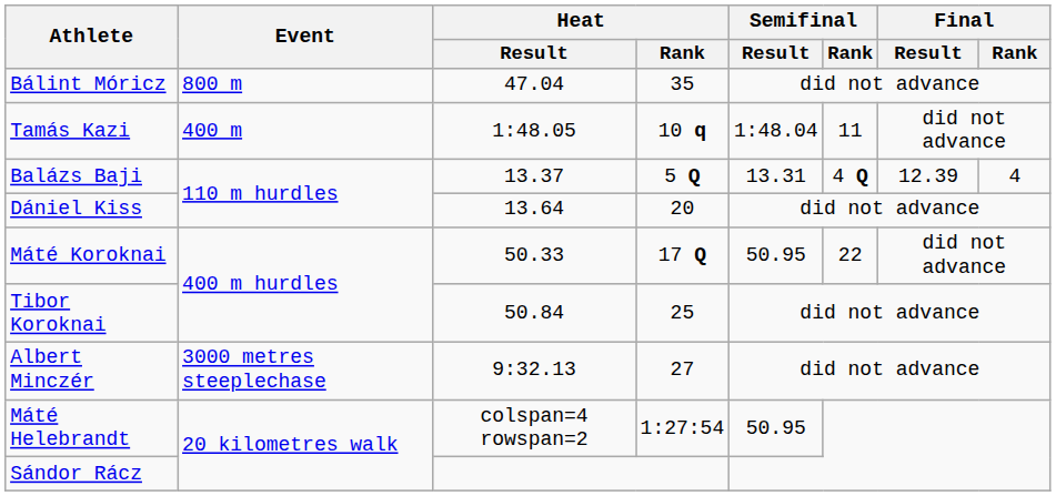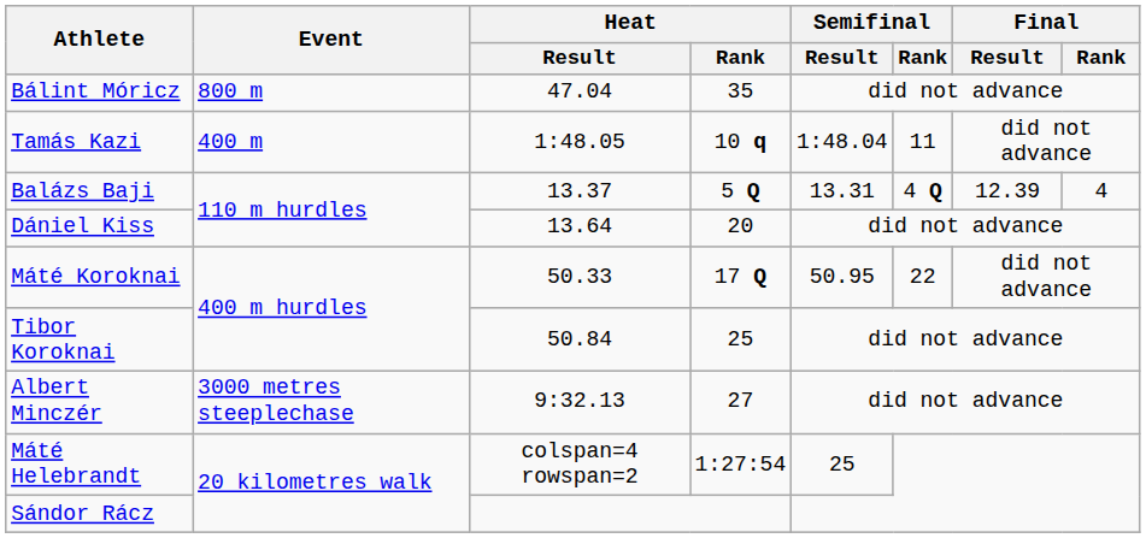 <table class="wikitable" style="font-size:90%">
 <tr>
 <th rowspan=2>Athlete</th>
 <th rowspan=2>Event</th>
 <th colspan=2>Heat</th>
 <th colspan=2>Semifinal</th>
 <th colspan=2>Final</th>
 </tr>
 <tr style="font-size:95%">
 <th>Result</th>
 <th>Rank</th>
 <th>Result</th>
 <th>Rank</th>
 <th>Result</th>
 <th>Rank</th>
 </tr>
 <tr align=center>
 <td align=left><a href='#'>Bálint Móricz</a></td>
 <td style="text-align:left;"><a href='#'>800 m</a></td>
 <td>47.04</td>
 <td>35</td>
 <td colspan=4>did not advance</td>
 </tr>
 <tr align=center>
 <td align=left><a href='#'>Tamás Kazi</a></td>
 <td style="text-align:left;"><a href='#'>400 m</a></td>
 <td>1:48.05</td>
 <td>10 <strong>q</strong></td>
 <td>1:48.04</td>
 <td>11</td>
 <td colspan=2>did not advance</td>
 </tr>
 <tr align=center>
 <td align=left><a href='#'>Balázs Baji</a></td>
 <td style="text-align:left;" rowspan=2><a href='#'>110 m hurdles</a></td>
 <td>13.37 <strong></strong></td>
 <td>5 <strong>Q</strong></td>
 <td>13.31 <strong></strong></td>
 <td>4 <strong>Q</strong></td>
 <td>12.39 <strong></strong></td>
 <td>4</td>
 </tr>
 <tr align=center>
 <td align=left><a href='#'>Dániel Kiss</a></td>
 <td>13.64 <strong></strong></td>
 <td>20</td>
 <td colspan=4>did not advance</td>
 </tr>
 <tr align=center>
 <td align=left><a href='#'>Máté Koroknai</a></td>
 <td style="text-align:left;" rowspan=2><a href='#'>400 m hurdles</a></td>
 <td>50.33 <strong></strong></td>
 <td>17 <strong>Q</strong></td>
 <td>50.95</td>
 <td>22</td>
 <td colspan=2>did not advance</td>
 </tr>
 <tr align=center>
 <td align=left><a href='#'>Tibor Koroknai</a></td>
 <td>50.84</td>
 <td>25</td>
 <td colspan=4>did not advance</td>
 </tr>
 <tr align=center>
 <td align=left><a href='#'>Albert Minczér</a></td>
 <td style="text-align:left;"><a href='#'>3000 metres steeplechase</a></td>
 <td>9:32.13</td>
 <td>27</td>
 <td colspan=4>did not advance</td>
 </tr>
 <tr align=center>
 <td align=left><a href='#'>Máté Helebrandt</a></td>
 <td style="text-align:left;" rowspan=2><a href='#'>20 kilometres walk</a></td>
 <td>colspan=4 rowspan=2 </td>
 <td>1:27:54</td>
-<td>50.95</td>
+<td>25</td>
 </tr>
 <tr align=center>
 <td align=left><a href='#'>Sándor Rácz</a></td>
 <td align=center colspan=2></td>
 </tr>
 </table>
